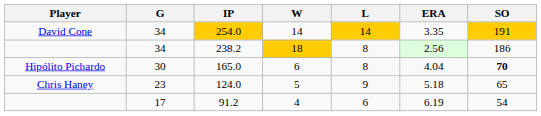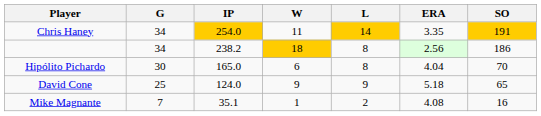 <table class="wikitable sortable">
 <tr>
 <th bgcolor="#DDDDFF" width="16%">Player</th>
 <th bgcolor="#DDDDFF" width="9%">G</th>
 <th bgcolor="#DDDDFF" width="9%">IP</th>
 <th bgcolor="#DDDDFF" width="9%">W</th>
 <th bgcolor="#DDDDFF" width="9%">L</th>
 <th bgcolor="#DDDDFF" width="9%">ERA</th>
 <th bgcolor="#DDDDFF" width="9%">SO</th>
 </tr>
 <tr align="center">
-<td><a href='#'>David Cone</a></td>
+<td><a href='#'>Chris Haney</a></td>
 <td>34</td>
 <td style="background:#fc0;">254.0</td>
-<td>14</td>
+<td>11</td>
 <td style="background:#fc0;">14</td>
 <td>3.35</td>
 <td style="background:#fc0;">191</td>
 </tr>
 <tr align=center>
 <td></td>
 <td>34</td>
 <td>238.2</td>
 <td style="background:#fc0;">18</td>
 <td>8</td>
 <td style="background:#DDFFDD;">2.56</td>
 <td>186</td>
 </tr>
 <tr align="center">
 <td><a href='#'>Hipólito Pichardo</a></td>
 <td>30</td>
 <td>165.0</td>
 <td>6</td>
 <td>8</td>
 <td>4.04</td>
-<td><strong>70</strong></td>
+<td>70</td>
 </tr>
 <tr align=center>
-<td><a href='#'>Chris Haney</a></td>
-<td>23</td>
+<td><a href='#'>David Cone</a></td>
+<td>25</td>
 <td>124.0</td>
-<td>5</td>
+<td>9</td>
 <td>9</td>
 <td>5.18</td>
 <td>65</td>
 </tr>
-<tr align=center>
-<td></td>
-<td>17</td>
-<td>91.2</td>
-<td>4</td>
-<td>6</td>
-<td>6.19</td>
-<td>54</td>
+<tr align="center">
+<td><a href='#'>Mike Magnante</a></td>
+<td>7</td>
+<td>35.1</td>
+<td>1</td>
+<td>2</td>
+<td>4.08</td>
+<td>16</td>
 </tr>
 </table>
